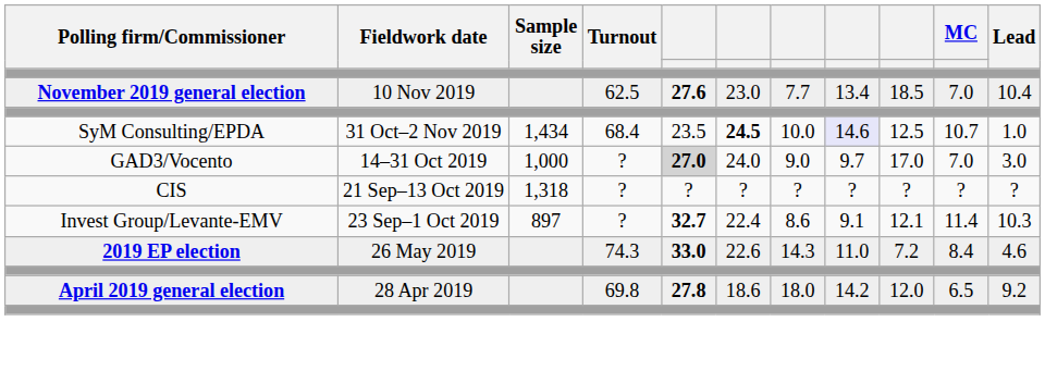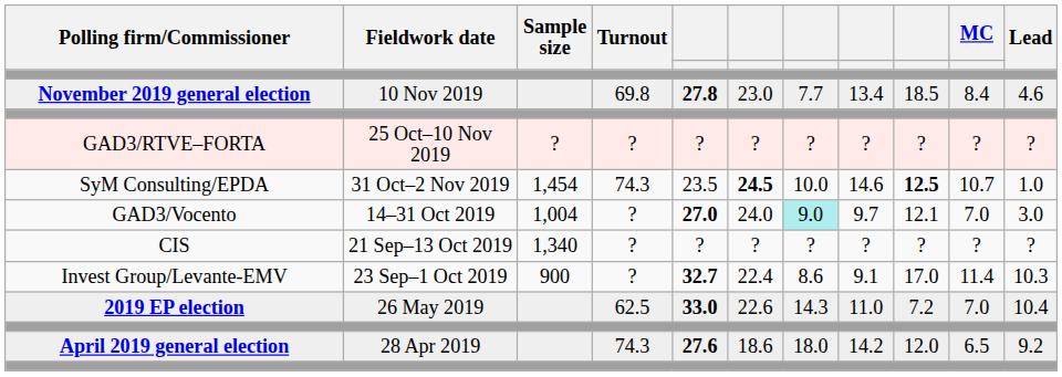 <table class="wikitable collapsible collapsed" style="text-align:center; font-size:95%; line-height:16px;">
 <tr style="height:42px;">
 <th style="width:250px;" rowspan="2">Polling firm/Commissioner</th>
 <th style="width:125px;" rowspan="2">Fieldwork date</th>
 <th style="width:50px;" rowspan="2">Sample size</th>
 <th style="width:45px;" rowspan="2">Turnout</th>
 <th style="width:35px;"></th>
 <th style="width:35px;"></th>
 <th style="width:35px;"></th>
 <th style="width:35px;"></th>
 <th style="width:35px;"></th>
 <th style="width:35px;"><a href='#'>MC</a></th>
 <th style="width:30px;" rowspan="2">Lead</th>
 </tr>
 <tr>
 <th style="color:inherit;background:"></th>
 <th style="color:inherit;background:"></th>
 <th style="color:inherit;background:"></th>
 <th style="color:inherit;background:"></th>
 <th style="color:inherit;background:"></th>
 <th style="color:inherit;background:"></th>
 </tr>
 <tr>
 <td colspan="11" style="background:#A0A0A0"></td>
 </tr>
 <tr style="background:#EFEFEF;">
 <td><strong><a href='#'>November 2019 general election</a></strong></td>
 <td>10 Nov 2019</td>
 <td></td>
-<td>62.5</td>
-<td><strong>27.6</strong><br></td>
+<td>69.8</td>
+<td><strong>27.8</strong><br></td>
 <td>23.0<br></td>
 <td>7.7<br></td>
 <td>13.4<br></td>
 <td>18.5<br></td>
-<td>7.0<br></td>
-<td style="background:">10.4</td>
+<td>8.4<br></td>
+<td style="background:">4.6</td>
 </tr>
 <tr>
 <td colspan="11" style="background:#A0A0A0"></td>
 </tr>
+<tr style="background:#FFEAEA;">
+<td>GAD3/RTVE–FORTA</td>
+<td>25 Oct–10 Nov 2019</td>
+<td>?</td>
+<td>?</td>
+<td>?<br></td>
+<td>?<br></td>
+<td>?<br></td>
+<td>?<br></td>
+<td>?<br></td>
+<td>?<br></td>
+<td style="background:">?</td>
+</tr>
 <tr>
 <td>SyM Consulting/EPDA</td>
 <td>31 Oct–2 Nov 2019</td>
-<td>1,434</td>
-<td>68.4</td>
+<td>1,454</td>
+<td>74.3</td>
 <td>23.5<br></td>
 <td><strong>24.5</strong><br></td>
 <td>10.0<br></td>
-<td style="background: lavender;">14.6<br></td>
-<td>12.5<br></td>
+<td>14.6<br></td>
+<td><strong>12.5<br></strong></td>
 <td>10.7<br></td>
 <td style="background:">1.0</td>
 </tr>
 <tr>
 <td>GAD3/Vocento</td>
 <td>14–31 Oct 2019</td>
-<td>1,000</td>
+<td>1,004</td>
 <td>?</td>
-<td style="background: lightgrey;"><strong>27.0</strong><br></td>
+<td><strong>27.0</strong><br></td>
 <td>24.0<br></td>
-<td>9.0<br></td>
+<td style="background: paleturquoise;">9.0<br></td>
 <td>9.7<br></td>
-<td>17.0<br></td>
+<td>12.1<br></td>
 <td>7.0<br></td>
 <td style="background:">3.0</td>
 </tr>
 <tr>
 <td>CIS</td>
 <td>21 Sep–13 Oct 2019</td>
-<td>1,318</td>
+<td>1,340</td>
 <td>?</td>
 <td>?<br></td>
 <td>?<br></td>
 <td>?<br></td>
 <td>?<br></td>
 <td>?<br></td>
 <td>?<br></td>
 <td style="background:">?</td>
 </tr>
 <tr>
 <td>Invest Group/Levante-EMV</td>
 <td>23 Sep–1 Oct 2019</td>
-<td>897</td>
+<td>900</td>
 <td>?</td>
 <td><strong>32.7</strong><br></td>
 <td>22.4<br></td>
 <td>8.6<br></td>
 <td>9.1<br></td>
-<td>12.1<br></td>
+<td>17.0<br></td>
 <td>11.4<br></td>
 <td style="background:">10.3</td>
 </tr>
 <tr style="background:#EFEFEF;">
 <td><strong><a href='#'>2019 EP election</a></strong></td>
 <td>26 May 2019</td>
 <td></td>
-<td>74.3</td>
+<td>62.5</td>
 <td><strong>33.0</strong><br></td>
 <td>22.6<br></td>
 <td>14.3<br></td>
 <td>11.0<br></td>
 <td>7.2<br></td>
-<td>8.4<br></td>
-<td style="background:">4.6</td>
+<td>7.0<br></td>
+<td style="background:">10.4</td>
 </tr>
 <tr>
 <td colspan="11" style="background:#A0A0A0"></td>
 </tr>
 <tr style="background:#EFEFEF;">
 <td><strong><a href='#'>April 2019 general election</a></strong></td>
 <td>28 Apr 2019</td>
 <td></td>
-<td>69.8</td>
-<td><strong>27.8</strong><br></td>
+<td>74.3</td>
+<td><strong>27.6</strong><br></td>
 <td>18.6<br></td>
 <td>18.0<br></td>
 <td>14.2<br></td>
 <td>12.0<br></td>
 <td>6.5<br></td>
 <td style="background:">9.2</td>
 </tr>
 <tr>
 <td colspan="11" style="background:#A0A0A0"></td>
 </tr>
 </table>
